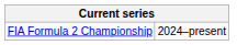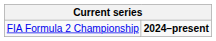 <table class="wikitable" border="1" style="font-size:85%;">
 <tr>
 <th colspan=2>Current series</th>
 </tr>
 <tr>
 <td><a href='#'>FIA Formula 2 Championship</a></td>
-<td>2024–present</td>
+<td><strong>2024–present</strong></td>
 </tr>
 </table>
